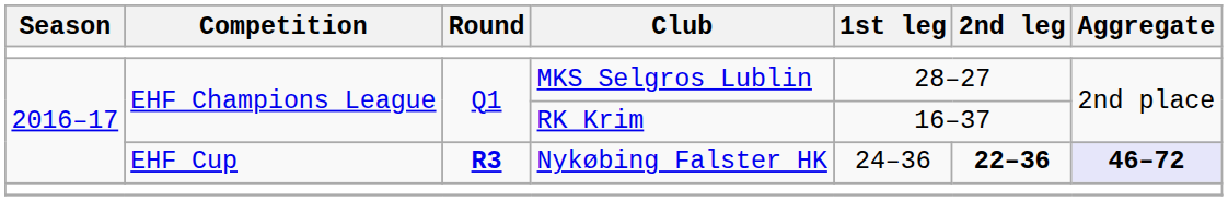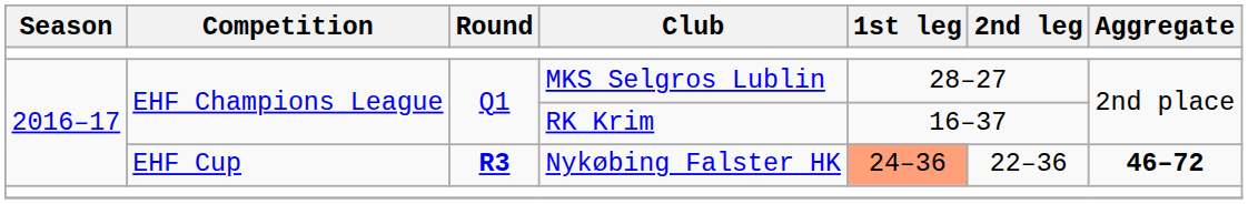 <table class="wikitable">
 <tr>
 <th>Season</th>
 <th>Competition</th>
 <th>Round</th>
 <th>Club</th>
 <th>1st leg</th>
 <th>2nd leg</th>
 <th>Aggregate</th>
 </tr>
 <tr>
 <td colspan="7" bgcolor=white></td>
 </tr>
 <tr>
 <td rowspan="3"><a href='#'>2016–17</a></td>
 <td rowspan="2"><a href='#'>EHF Champions League</a></td>
 <td rowspan="2" style="text-align:center;"><a href='#'>Q1</a></td>
 <td> <a href='#'>MKS Selgros Lublin</a></td>
 <td colspan="2" style="text-align:center;">28–27</td>
 <td rowspan="2" style="text-align:center;">2nd place</td>
 </tr>
 <tr>
 <td> <a href='#'>RK Krim</a></td>
 <td colspan="2" style="text-align:center;">16–37</td>
 </tr>
 <tr>
 <td><a href='#'>EHF Cup</a></td>
 <td style="text-align:center;"><strong><a href='#'>R3</a></strong></td>
 <td> <a href='#'>Nykøbing Falster HK</a></td>
-<td style="text-align:center;">24–36</td>
-<td style="text-align:center;"><strong>22–36</strong></td>
-<td style="background: lavender; text-align:center;"><strong>46–72</strong></td>
+<td style="background: lightsalmon; text-align:center;">24–36</td>
+<td style="text-align:center;">22–36</td>
+<td style="text-align:center;"><strong>46–72</strong></td>
 </tr>
 <tr>
 <td colspan="7" bgcolor=white></td>
 </tr>
 <tr>
 </tr>
 </table>
